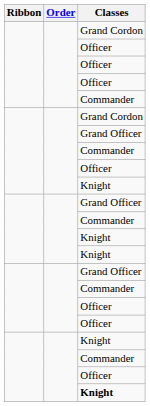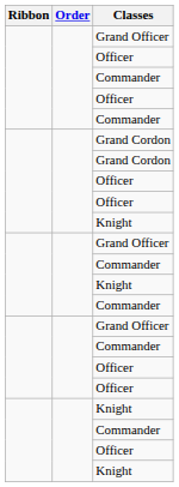 <table class="wikitable" style="text-align:left;">
 <tr ->
 <th>Ribbon</th>
 <th><a href='#'>Order</a></th>
 <th>Classes</th>
 </tr>
 <tr>
 <td rowspan="5"></td>
 <td rowspan="5"></td>
-<td>Grand Cordon</td>
+<td>Grand Officer</td>
 </tr>
 <tr>
 <td>Officer</td>
 </tr>
 <tr>
-<td>Officer</td>
+<td>Commander</td>
 </tr>
 <tr>
 <td>Officer</td>
 </tr>
 <tr>
 <td>Commander</td>
 </tr>
 <tr>
 <td rowspan="5"></td>
 <td rowspan="5"></td>
 <td>Grand Cordon</td>
 </tr>
 <tr>
-<td>Grand Officer</td>
+<td>Grand Cordon</td>
 </tr>
 <tr>
-<td>Commander</td>
+<td>Officer</td>
 </tr>
 <tr>
 <td>Officer</td>
 </tr>
 <tr>
 <td>Knight</td>
 </tr>
 <tr>
 <td rowspan="4"></td>
 <td rowspan="4"></td>
 <td>Grand Officer</td>
 </tr>
 <tr>
 <td>Commander</td>
 </tr>
 <tr>
 <td>Knight</td>
 </tr>
 <tr>
-<td>Knight</td>
+<td>Commander</td>
 </tr>
 <tr>
 <td rowspan="4"></td>
 <td rowspan="4"></td>
 <td>Grand Officer</td>
 </tr>
 <tr>
 <td>Commander</td>
 </tr>
 <tr>
 <td>Officer</td>
 </tr>
 <tr>
 <td>Officer</td>
 </tr>
 <tr>
 <td rowspan="4"></td>
 <td rowspan="4"></td>
 <td>Knight</td>
 </tr>
 <tr>
 <td>Commander</td>
 </tr>
 <tr>
 <td>Officer</td>
 </tr>
 <tr>
-<td><strong>Knight</strong></td>
+<td>Knight</td>
 </tr>
 </table>
